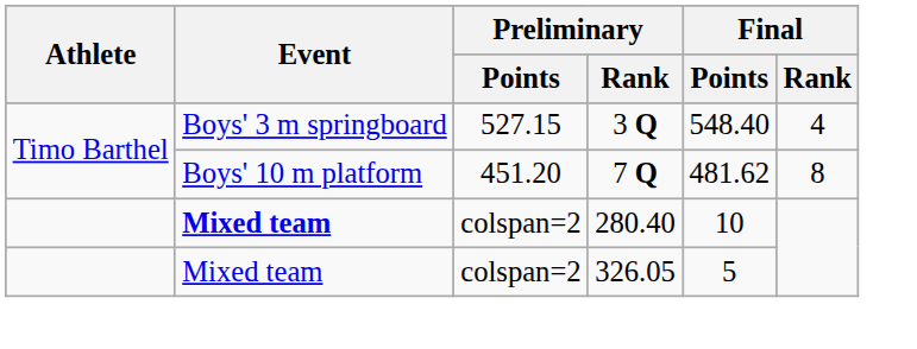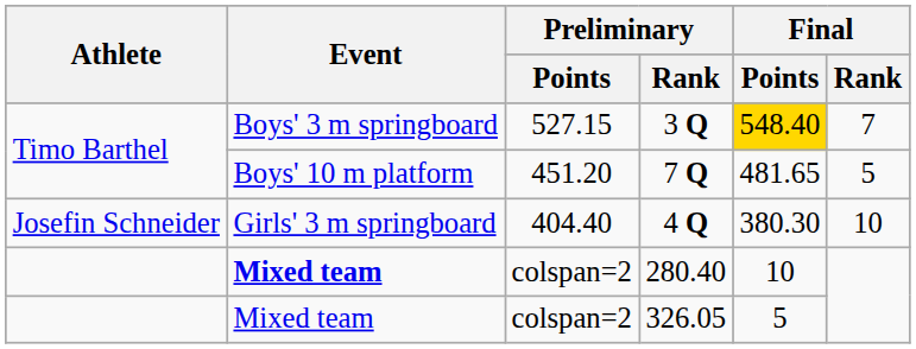 <table class="wikitable" style="font-size:90%;">
 <tr>
 <th rowspan=2>Athlete</th>
 <th rowspan=2>Event</th>
 <th colspan=2>Preliminary</th>
 <th colspan=2>Final</th>
 </tr>
 <tr>
 <th>Points</th>
 <th>Rank</th>
 <th>Points</th>
 <th>Rank</th>
 </tr>
 <tr align=center>
 <td align=left rowspan=2><a href='#'>Timo Barthel</a></td>
 <td align=left><a href='#'>Boys' 3 m springboard</a></td>
 <td>527.15</td>
 <td>3 <strong>Q</strong></td>
-<td>548.40</td>
-<td>4</td>
+<td style="background: gold;">548.40</td>
+<td>7</td>
 </tr>
 <tr align=center>
 <td align=left><a href='#'>Boys' 10 m platform</a></td>
 <td>451.20</td>
 <td>7 <strong>Q</strong></td>
-<td>481.62</td>
-<td>8</td>
+<td>481.65</td>
+<td>5</td>
+</tr>
+<tr align=center>
+<td align=left><a href='#'>Josefin Schneider</a></td>
+<td align=left><a href='#'>Girls' 3 m springboard</a></td>
+<td>404.40</td>
+<td>4 <strong>Q</strong></td>
+<td>380.30</td>
+<td>10</td>
 </tr>
 <tr align=center>
 <td align=left><br></td>
 <td align=left><strong><a href='#'>Mixed team</a></strong></td>
 <td>colspan=2 </td>
 <td>280.40</td>
 <td>10</td>
 </tr>
 <tr align=center>
 <td align=left><br></td>
 <td align=left><a href='#'>Mixed team</a></td>
 <td>colspan=2 </td>
 <td>326.05</td>
 <td>5</td>
 </tr>
 </table>
